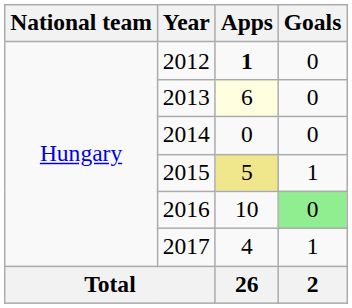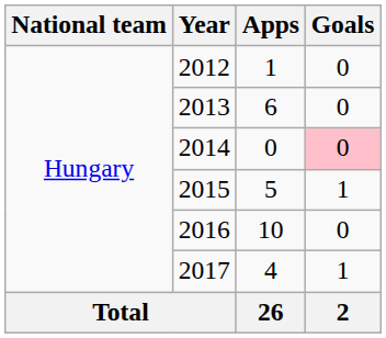 <table class="wikitable" style="text-align:center">
 <tr>
 <th>National team</th>
 <th>Year</th>
 <th>Apps</th>
 <th>Goals</th>
 </tr>
 <tr>
 <td rowspan="6"><a href='#'>Hungary</a></td>
 <td>2012</td>
-<td><strong>1</strong></td>
+<td>1</td>
 <td>0</td>
 </tr>
 <tr>
 <td>2013</td>
-<td style="background: lightyellow;">6</td>
+<td>6</td>
 <td>0</td>
 </tr>
 <tr>
 <td>2014</td>
 <td>0</td>
-<td>0</td>
+<td style="background: pink;">0</td>
 </tr>
 <tr>
 <td>2015</td>
-<td style="background: khaki;">5</td>
+<td>5</td>
 <td>1</td>
 </tr>
 <tr>
 <td>2016</td>
 <td>10</td>
-<td style="background: lightgreen;">0</td>
+<td>0</td>
 </tr>
 <tr>
 <td>2017</td>
 <td>4</td>
 <td>1</td>
 </tr>
 <tr>
 <th colspan="2">Total</th>
 <th>26</th>
 <th>2</th>
 </tr>
 </table>
